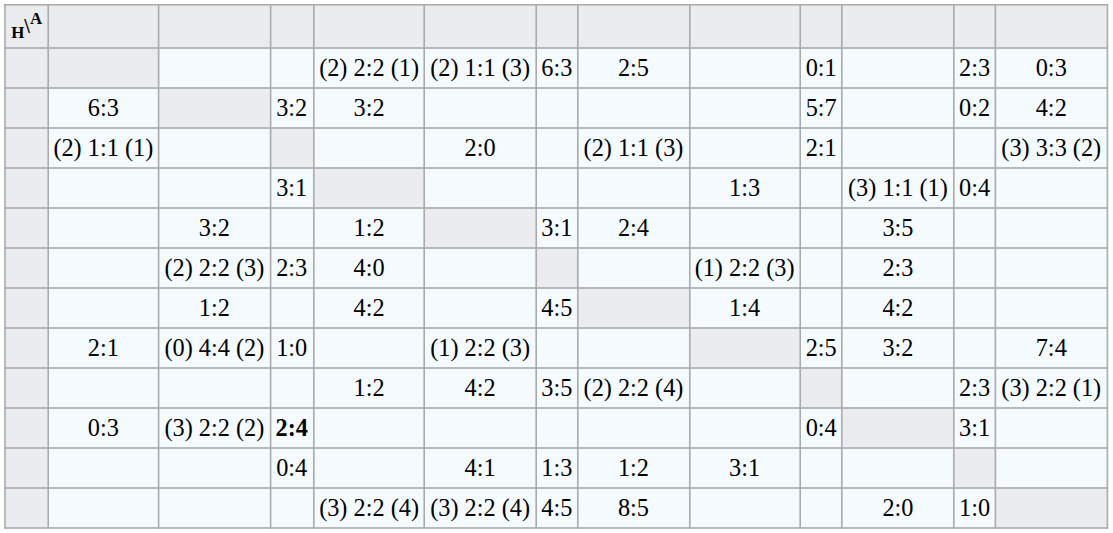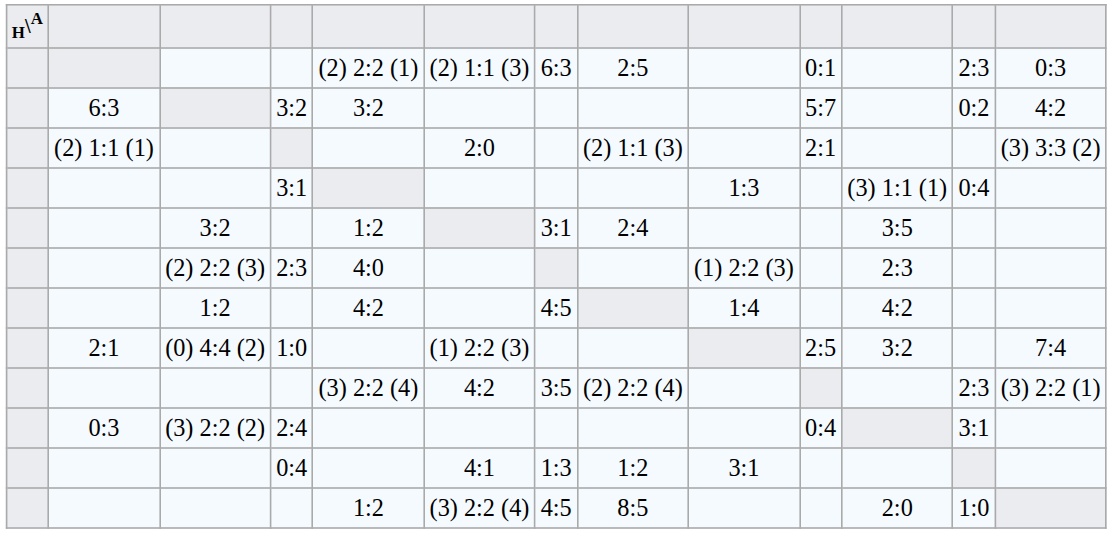 <table style="background: #f5faff; border: 1px solid #aaa; border-collapse: collapse; font-size: 95%; margin: auto; text-align: center; width=" cellspacing="0" cellpadding="3" border="1">
 <tr style="background: #eaecf0; color: black;">
 <td align="center"><strong><small><sub>H</sub>\<sup>A</sup></small></strong></td>
 <td></td>
 <td></td>
 <td></td>
 <td></td>
 <td></td>
 <td></td>
 <td></td>
 <td></td>
 <td></td>
 <td></td>
 <td></td>
 <td></td>
 </tr>
 <tr>
 <td bgcolor="#eaecf0"></td>
 <td bgcolor="#eaecf0"></td>
 <td></td>
 <td></td>
 <td>(2) 2:2 (1)</td>
 <td>(2) 1:1 (3)</td>
 <td>6:3</td>
 <td>2:5</td>
 <td></td>
 <td>0:1</td>
 <td></td>
 <td>2:3</td>
 <td>0:3</td>
 </tr>
 <tr>
 <td bgcolor="#eaecf0"></td>
 <td>6:3</td>
 <td bgcolor="#eaecf0"></td>
 <td>3:2</td>
 <td>3:2</td>
 <td></td>
 <td></td>
 <td></td>
 <td></td>
 <td>5:7</td>
 <td></td>
 <td>0:2</td>
 <td>4:2</td>
 </tr>
 <tr>
 <td bgcolor="#eaecf0"></td>
 <td>(2) 1:1 (1)</td>
 <td></td>
 <td bgcolor="#eaecf0"></td>
 <td></td>
 <td>2:0</td>
 <td></td>
 <td>(2) 1:1 (3)</td>
 <td></td>
 <td>2:1</td>
 <td></td>
 <td></td>
 <td>(3) 3:3 (2)</td>
 </tr>
 <tr>
 <td bgcolor="#eaecf0"></td>
 <td></td>
 <td></td>
 <td>3:1</td>
 <td bgcolor="#eaecf0"></td>
 <td></td>
 <td></td>
 <td></td>
 <td>1:3</td>
 <td></td>
 <td>(3) 1:1 (1)</td>
 <td>0:4</td>
 <td></td>
 </tr>
 <tr>
 <td bgcolor="#eaecf0"></td>
 <td></td>
 <td>3:2</td>
 <td></td>
 <td>1:2</td>
 <td bgcolor="#eaecf0"></td>
 <td>3:1</td>
 <td>2:4</td>
 <td></td>
 <td></td>
 <td>3:5</td>
 <td></td>
 <td></td>
 </tr>
 <tr>
 <td bgcolor="#eaecf0"></td>
 <td></td>
 <td>(2) 2:2 (3)</td>
 <td>2:3</td>
 <td>4:0</td>
 <td></td>
 <td bgcolor="#eaecf0"></td>
 <td></td>
 <td>(1) 2:2 (3)</td>
 <td></td>
 <td>2:3</td>
 <td></td>
 <td></td>
 </tr>
 <tr>
 <td bgcolor="#eaecf0"></td>
 <td></td>
 <td>1:2</td>
 <td></td>
 <td>4:2</td>
 <td></td>
 <td>4:5</td>
 <td bgcolor="#eaecf0"></td>
 <td>1:4</td>
 <td></td>
 <td>4:2</td>
 <td></td>
 <td></td>
 </tr>
 <tr>
 <td bgcolor="#eaecf0"></td>
 <td>2:1</td>
 <td>(0) 4:4 (2)</td>
 <td>1:0</td>
 <td></td>
 <td>(1) 2:2 (3)</td>
 <td></td>
 <td></td>
 <td bgcolor="#eaecf0"></td>
 <td>2:5</td>
 <td>3:2</td>
 <td></td>
 <td>7:4</td>
 </tr>
 <tr>
 <td bgcolor="#eaecf0"></td>
 <td></td>
 <td></td>
 <td></td>
-<td>1:2</td>
+<td>(3) 2:2 (4)</td>
 <td>4:2</td>
 <td>3:5</td>
 <td>(2) 2:2 (4)</td>
 <td></td>
 <td bgcolor="#eaecf0"></td>
 <td></td>
 <td>2:3</td>
 <td>(3) 2:2 (1)</td>
 </tr>
 <tr>
 <td bgcolor="#eaecf0"></td>
 <td>0:3</td>
 <td>(3) 2:2 (2)</td>
-<td><strong>2:4</strong></td>
+<td>2:4</td>
 <td></td>
 <td></td>
 <td></td>
 <td></td>
 <td></td>
 <td>0:4</td>
 <td bgcolor="#eaecf0"></td>
 <td>3:1</td>
 <td></td>
 </tr>
 <tr>
 <td bgcolor="#eaecf0"></td>
 <td></td>
 <td></td>
 <td>0:4</td>
 <td></td>
 <td>4:1</td>
 <td>1:3</td>
 <td>1:2</td>
 <td>3:1</td>
 <td></td>
 <td></td>
 <td bgcolor="#eaecf0"></td>
 <td></td>
 </tr>
 <tr>
 <td bgcolor="#eaecf0"></td>
 <td></td>
 <td></td>
 <td></td>
-<td>(3) 2:2 (4)</td>
+<td>1:2</td>
 <td>(3) 2:2 (4)</td>
 <td>4:5</td>
 <td>8:5</td>
 <td></td>
 <td></td>
 <td>2:0</td>
 <td>1:0</td>
 <td bgcolor="#eaecf0"></td>
 </tr>
 </table>
